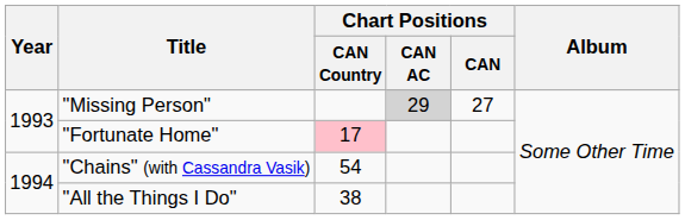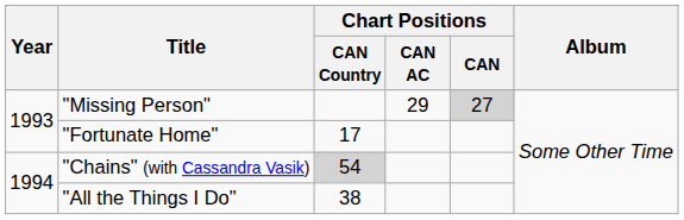 <table class="wikitable">
 <tr>
 <th rowspan="2">Year</th>
 <th rowspan="2">Title</th>
 <th colspan="3">Chart Positions</th>
 <th rowspan="2">Album</th>
 </tr>
 <tr>
 <th width="45"><small>CAN Country</small></th>
 <th width="45"><small>CAN AC</small></th>
 <th width="45"><small>CAN</small></th>
 </tr>
 <tr>
 <td rowspan="2">1993</td>
 <td>"Missing Person"</td>
 <td></td>
-<td align="center" style="background: lightgrey;">29</td>
-<td align="center">27</td>
+<td align="center">29</td>
+<td align="center" style="background: lightgrey;">27</td>
 <td rowspan="4"><em>Some Other Time</em></td>
 </tr>
 <tr>
 <td>"Fortunate Home"</td>
-<td align="center" style="background: pink;">17</td>
+<td align="center">17</td>
 <td></td>
 <td></td>
 </tr>
 <tr>
 <td rowspan="2">1994</td>
 <td>"Chains" <small>(with <a href='#'>Cassandra Vasik</a>)</small></td>
-<td align="center">54</td>
+<td align="center" style="background: lightgrey;">54</td>
 <td></td>
 <td></td>
 </tr>
 <tr>
 <td>"All the Things I Do"</td>
 <td align="center">38</td>
 <td></td>
 <td></td>
 </tr>
 </table>
